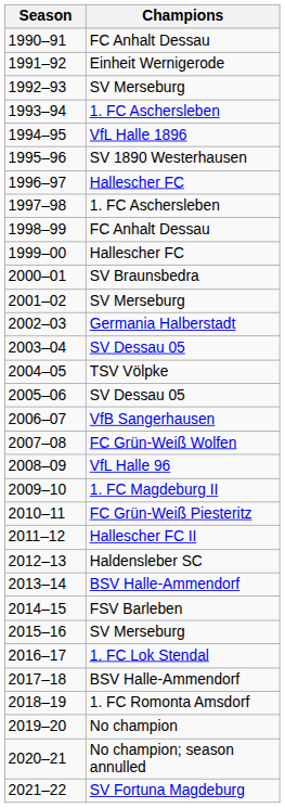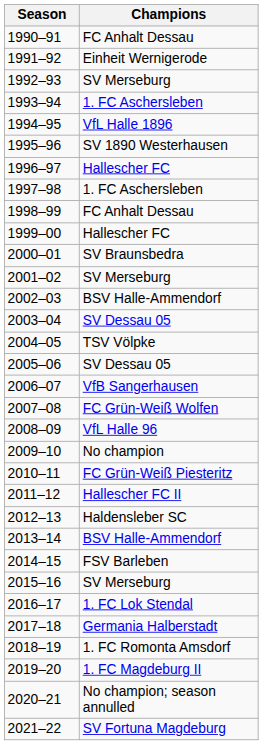 <table class="wikitable">
 <tr align="center" bgcolor="#dfdfdf">
 <th width="80">Season</th>
 <th width="200">Champions</th>
 </tr>
 <tr>
 <td>1990–91</td>
 <td>FC Anhalt Dessau</td>
 </tr>
 <tr>
 <td>1991–92</td>
 <td>Einheit Wernigerode</td>
 </tr>
 <tr>
 <td>1992–93</td>
 <td>SV Merseburg</td>
 </tr>
 <tr>
 <td>1993–94</td>
 <td><a href='#'>1. FC Aschersleben</a></td>
 </tr>
 <tr>
 <td>1994–95</td>
 <td><a href='#'>VfL Halle 1896</a></td>
 </tr>
 <tr>
 <td>1995–96</td>
 <td>SV 1890 Westerhausen</td>
 </tr>
 <tr>
 <td>1996–97</td>
 <td><a href='#'>Hallescher FC</a></td>
 </tr>
 <tr>
 <td>1997–98</td>
 <td>1. FC Aschersleben</td>
 </tr>
 <tr>
 <td>1998–99</td>
 <td>FC Anhalt Dessau</td>
 </tr>
 <tr>
 <td>1999–00</td>
 <td>Hallescher FC</td>
 </tr>
 <tr>
 <td>2000–01</td>
 <td>SV Braunsbedra</td>
 </tr>
 <tr>
 <td>2001–02</td>
 <td>SV Merseburg</td>
 </tr>
 <tr>
 <td>2002–03</td>
-<td><a href='#'>Germania Halberstadt</a></td>
+<td>BSV Halle-Ammendorf</td>
 </tr>
 <tr>
 <td>2003–04</td>
 <td><a href='#'>SV Dessau 05</a></td>
 </tr>
 <tr>
 <td>2004–05</td>
 <td>TSV Völpke</td>
 </tr>
 <tr>
 <td>2005–06</td>
 <td>SV Dessau 05</td>
 </tr>
 <tr>
 <td>2006–07</td>
 <td><a href='#'>VfB Sangerhausen</a></td>
 </tr>
 <tr>
 <td>2007–08</td>
 <td><a href='#'>FC Grün-Weiß Wolfen</a></td>
 </tr>
 <tr>
 <td>2008–09</td>
 <td><a href='#'>VfL Halle 96</a></td>
 </tr>
 <tr>
 <td>2009–10</td>
-<td><a href='#'>1. FC Magdeburg II</a></td>
+<td>No champion</td>
 </tr>
 <tr>
 <td>2010–11</td>
 <td><a href='#'>FC Grün-Weiß Piesteritz</a></td>
 </tr>
 <tr>
 <td>2011–12</td>
 <td><a href='#'>Hallescher FC II</a></td>
 </tr>
 <tr>
 <td>2012–13</td>
 <td>Haldensleber SC</td>
 </tr>
 <tr>
 <td>2013–14</td>
 <td><a href='#'>BSV Halle-Ammendorf</a></td>
 </tr>
 <tr>
 <td>2014–15</td>
 <td>FSV Barleben</td>
 </tr>
 <tr>
 <td>2015–16</td>
 <td>SV Merseburg</td>
 </tr>
 <tr>
 <td>2016–17</td>
 <td><a href='#'>1. FC Lok Stendal</a></td>
 </tr>
 <tr>
 <td>2017–18</td>
-<td>BSV Halle-Ammendorf</td>
+<td><a href='#'>Germania Halberstadt</a></td>
 </tr>
 <tr>
 <td>2018–19</td>
 <td>1. FC Romonta Amsdorf</td>
 </tr>
 <tr>
 <td>2019–20</td>
-<td>No champion</td>
+<td><a href='#'>1. FC Magdeburg II</a></td>
 </tr>
 <tr>
 <td>2020–21</td>
 <td>No champion; season annulled</td>
 </tr>
 <tr>
 <td>2021–22</td>
 <td><a href='#'>SV Fortuna Magdeburg</a></td>
 </tr>
 </table>
